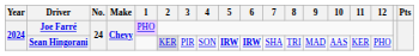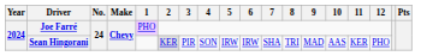 <table class="wikitable" style="text-align:center; font-size:75%">
 <tr>
 <th>Year</th>
 <th>Driver</th>
 <th>No.</th>
 <th>Make</th>
 <th>1</th>
 <th>2</th>
 <th>3</th>
 <th>4</th>
 <th>5</th>
 <th>6</th>
 <th>7</th>
 <th>8</th>
 <th>9</th>
 <th>10</th>
 <th>11</th>
 <th>12</th>
 <th></th>
 <th>Pts</th>
 </tr>
 <tr>
 <th rowspan=2><a href='#'>2024</a></th>
 <th><a href='#'>Joe Farré</a></th>
 <th rowspan=2>24</th>
 <th rowspan=2><a href='#'>Chevy</a></th>
 <td style="background:#EFCFFF;"><a href='#'>PHO</a><br></td>
 <td colspan=11></td>
 <th rowspan=2></th>
 <th rowspan=2></th>
 </tr>
 <tr>
 <th><a href='#'>Sean Hingorani</a></th>
 <td></td>
 <td style="background:#DFDFDF;"><a href='#'>KER</a><br></td>
 <td><a href='#'>PIR</a></td>
 <td><a href='#'>SON</a></td>
-<td><strong><a href='#'>IRW</a></strong></td>
-<td><strong><a href='#'>IRW</a></strong></td>
+<td><a href='#'>IRW</a></td>
+<td><a href='#'>IRW</a></td>
 <td><a href='#'>SHA</a></td>
 <td><a href='#'>TRI</a></td>
 <td><a href='#'>MAD</a></td>
 <td><a href='#'>AAS</a></td>
 <td><a href='#'>KER</a></td>
 <td><a href='#'>PHO</a></td>
 </tr>
 </table>
